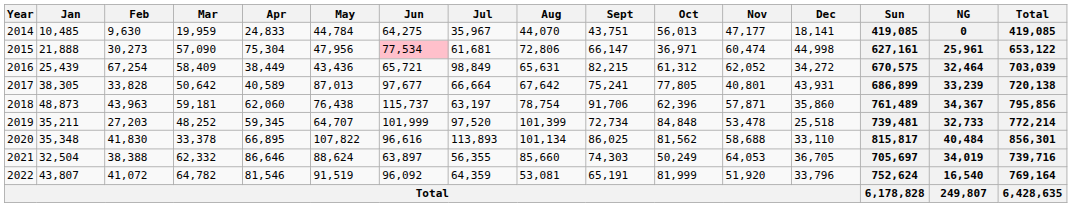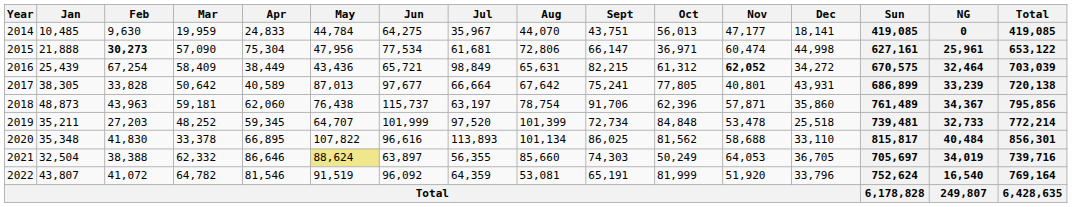 <table class=wikitable>
 <tr>
 <th>Year</th>
 <th style="width:75px;">Jan</th>
 <th style="width:75px;">Feb</th>
 <th style="width:75px;">Mar</th>
 <th style="width:75px;">Apr</th>
 <th style="width:75px;">May</th>
 <th style="width:75px;">Jun</th>
 <th style="width:75px;">Jul</th>
 <th style="width:75px;">Aug</th>
 <th style="width:75px;">Sept</th>
 <th style="width:75px;">Oct</th>
 <th style="width:75px;">Nov</th>
 <th style="width:75px;">Dec</th>
 <th style="width:75px;">Sun</th>
 <th style="width:75px;">NG</th>
 <th style="width:75px;">Total</th>
 </tr>
 <tr>
 <td>2014</td>
 <td>10,485</td>
 <td>9,630</td>
 <td>19,959</td>
 <td>24,833</td>
 <td>44,784</td>
 <td>64,275</td>
 <td>35,967</td>
 <td>44,070</td>
 <td>43,751</td>
 <td>56,013</td>
 <td>47,177</td>
 <td>18,141</td>
 <th>419,085</th>
 <th>0</th>
 <th>419,085</th>
 </tr>
 <tr>
 <td>2015</td>
 <td>21,888</td>
-<td>30,273</td>
+<td><strong>30,273</strong></td>
 <td>57,090</td>
 <td>75,304</td>
 <td>47,956</td>
-<td style="background: pink;">77,534</td>
+<td>77,534</td>
 <td>61,681</td>
 <td>72,806</td>
 <td>66,147</td>
 <td>36,971</td>
 <td>60,474</td>
 <td>44,998</td>
 <th>627,161</th>
 <th>25,961</th>
 <th>653,122</th>
 </tr>
 <tr>
 <td>2016</td>
 <td>25,439</td>
 <td>67,254</td>
 <td>58,409</td>
 <td>38,449</td>
 <td>43,436</td>
 <td>65,721</td>
 <td>98,849</td>
 <td>65,631</td>
 <td>82,215</td>
 <td>61,312</td>
-<td>62,052</td>
+<td><strong>62,052</strong></td>
 <td>34,272</td>
 <th>670,575</th>
 <th>32,464</th>
 <th>703,039</th>
 </tr>
 <tr>
 <td>2017</td>
 <td>38,305</td>
 <td>33,828</td>
 <td>50,642</td>
 <td>40,589</td>
 <td>87,013</td>
 <td>97,677</td>
 <td>66,664</td>
 <td>67,642</td>
 <td>75,241</td>
 <td>77,805</td>
 <td>40,801</td>
 <td>43,931</td>
 <th>686,899</th>
 <th>33,239</th>
 <th>720,138</th>
 </tr>
 <tr>
 <td>2018</td>
 <td>48,873</td>
 <td>43,963</td>
 <td>59,181</td>
 <td>62,060</td>
 <td>76,438</td>
 <td>115,737</td>
 <td>63,197</td>
 <td>78,754</td>
 <td>91,706</td>
 <td>62,396</td>
 <td>57,871</td>
 <td>35,860</td>
 <th>761,489</th>
 <th>34,367</th>
 <th>795,856</th>
 </tr>
 <tr>
 <td>2019</td>
 <td>35,211</td>
 <td>27,203</td>
 <td>48,252</td>
 <td>59,345</td>
 <td>64,707</td>
 <td>101,999</td>
 <td>97,520</td>
 <td>101,399</td>
 <td>72,734</td>
 <td>84,848</td>
 <td>53,478</td>
 <td>25,518</td>
 <th>739,481</th>
 <th>32,733</th>
 <th>772,214</th>
 </tr>
 <tr>
 <td>2020</td>
 <td>35,348</td>
 <td>41,830</td>
 <td>33,378</td>
 <td>66,895</td>
 <td>107,822</td>
 <td>96,616</td>
 <td>113,893</td>
 <td>101,134</td>
 <td>86,025</td>
 <td>81,562</td>
 <td>58,688</td>
 <td>33,110</td>
 <th>815,817</th>
 <th>40,484</th>
 <th>856,301</th>
 </tr>
 <tr>
 <td>2021</td>
 <td>32,504</td>
 <td>38,388</td>
 <td>62,332</td>
 <td>86,646</td>
-<td>88,624</td>
+<td style="background: khaki;">88,624</td>
 <td>63,897</td>
 <td>56,355</td>
 <td>85,660</td>
 <td>74,303</td>
 <td>50,249</td>
 <td>64,053</td>
 <td>36,705</td>
 <th>705,697</th>
 <th>34,019</th>
 <th>739,716</th>
 </tr>
 <tr>
 <td>2022</td>
 <td>43,807</td>
 <td>41,072</td>
 <td>64,782</td>
 <td>81,546</td>
 <td>91,519</td>
 <td>96,092</td>
 <td>64,359</td>
 <td>53,081</td>
 <td>65,191</td>
 <td>81,999</td>
 <td>51,920</td>
 <td>33,796</td>
 <th>752,624</th>
 <th>16,540</th>
 <th>769,164</th>
 </tr>
 <tr>
 <th colspan="13">Total</th>
 <th>6,178,828</th>
 <th>249,807</th>
 <th>6,428,635</th>
 </tr>
 </table>
